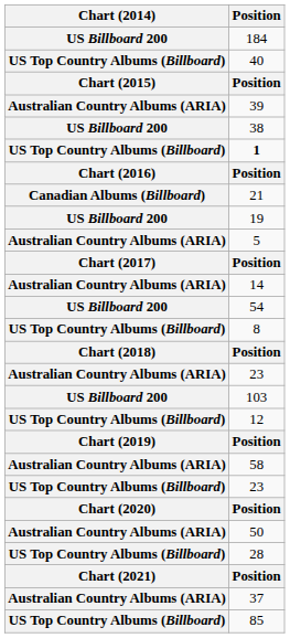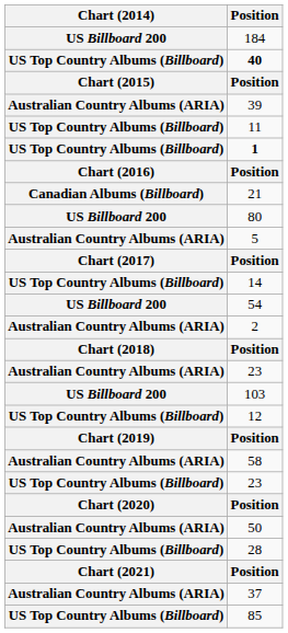 <table class="wikitable plainrowheaders" style="text-align:center">
 <tr>
 <th>Chart (2014)</th>
 <th>Position</th>
 </tr>
 <tr>
 <th scope="row">US <em>Billboard</em> 200</th>
 <td>184</td>
 </tr>
 <tr>
 <th scope="row">US Top Country Albums (<em>Billboard</em>)</th>
-<td>40</td>
+<td><strong>40</strong></td>
 </tr>
 <tr>
 <th>Chart (2015)</th>
 <th>Position</th>
 </tr>
 <tr>
 <th scope="row">Australian Country Albums (ARIA)</th>
 <td>39</td>
 </tr>
 <tr>
-<th scope="row">US <em>Billboard</em> 200</th>
-<td>38</td>
+<th scope="row">US Top Country Albums (<em>Billboard</em>)</th>
+<td>11</td>
 </tr>
 <tr>
 <th scope="row">US Top Country Albums (<em>Billboard</em>)</th>
 <td><strong>1</strong></td>
 </tr>
 <tr>
 <th>Chart (2016)</th>
 <th>Position</th>
 </tr>
 <tr>
 <th scope="row">Canadian Albums (<em>Billboard</em>)</th>
 <td>21</td>
 </tr>
 <tr>
 <th scope="row">US <em>Billboard</em> 200</th>
-<td>19</td>
+<td>80</td>
 </tr>
 <tr>
 <th scope="row">Australian Country Albums (ARIA)</th>
 <td>5</td>
 </tr>
 <tr>
 <th scope="col">Chart (2017)</th>
 <th scope="col">Position</th>
 </tr>
 <tr>
-<th scope="row">Australian Country Albums (ARIA)</th>
+<th scope="row">US Top Country Albums (<em>Billboard</em>)</th>
 <td>14</td>
 </tr>
 <tr>
 <th scope="row">US <em>Billboard</em> 200</th>
 <td>54</td>
 </tr>
 <tr>
-<th scope="row">US Top Country Albums (<em>Billboard</em>)</th>
-<td>8</td>
+<th scope="row">Australian Country Albums (ARIA)</th>
+<td>2</td>
 </tr>
 <tr>
 <th scope="col">Chart (2018)</th>
 <th scope="col">Position</th>
 </tr>
 <tr>
 <th scope="row">Australian Country Albums (ARIA)</th>
 <td>23</td>
 </tr>
 <tr>
 <th scope="row">US <em>Billboard</em> 200</th>
 <td>103</td>
 </tr>
 <tr>
 <th scope="row">US Top Country Albums (<em>Billboard</em>)</th>
 <td>12</td>
 </tr>
 <tr>
 <th scope="col">Chart (2019)</th>
 <th scope="col">Position</th>
 </tr>
 <tr>
 <th scope="row">Australian Country Albums (ARIA)</th>
 <td>58</td>
 </tr>
 <tr>
 <th scope="row">US Top Country Albums (<em>Billboard</em>)</th>
 <td>23</td>
 </tr>
 <tr>
 <th scope="col">Chart (2020)</th>
 <th scope="col">Position</th>
 </tr>
 <tr>
 <th scope="row">Australian Country Albums (ARIA)</th>
 <td>50</td>
 </tr>
 <tr>
 <th scope="row">US Top Country Albums (<em>Billboard</em>)</th>
 <td>28</td>
 </tr>
 <tr>
 <th scope="col">Chart (2021)</th>
 <th scope="col">Position</th>
 </tr>
 <tr>
 <th scope="row">Australian Country Albums (ARIA)</th>
 <td>37</td>
 </tr>
 <tr>
 <th scope="row">US Top Country Albums (<em>Billboard</em>)</th>
 <td>85</td>
 </tr>
 </table>
